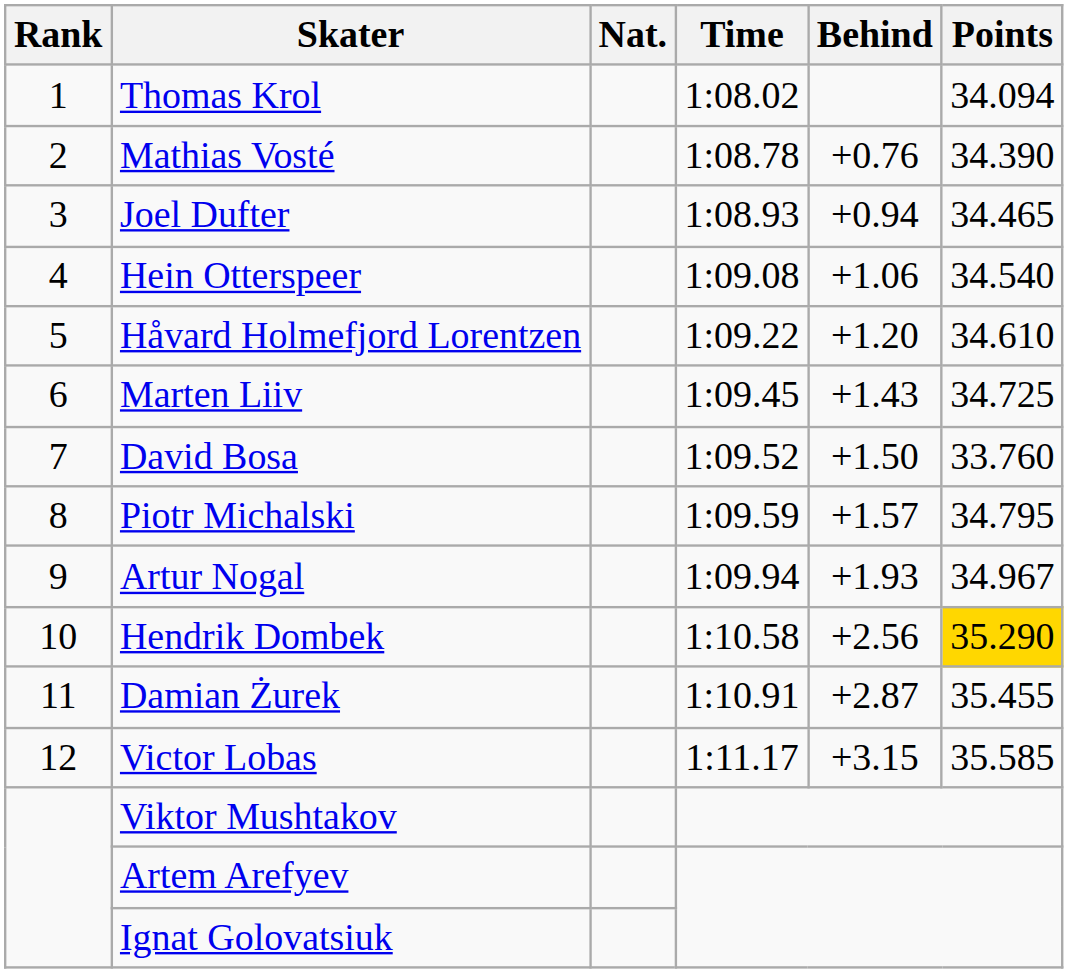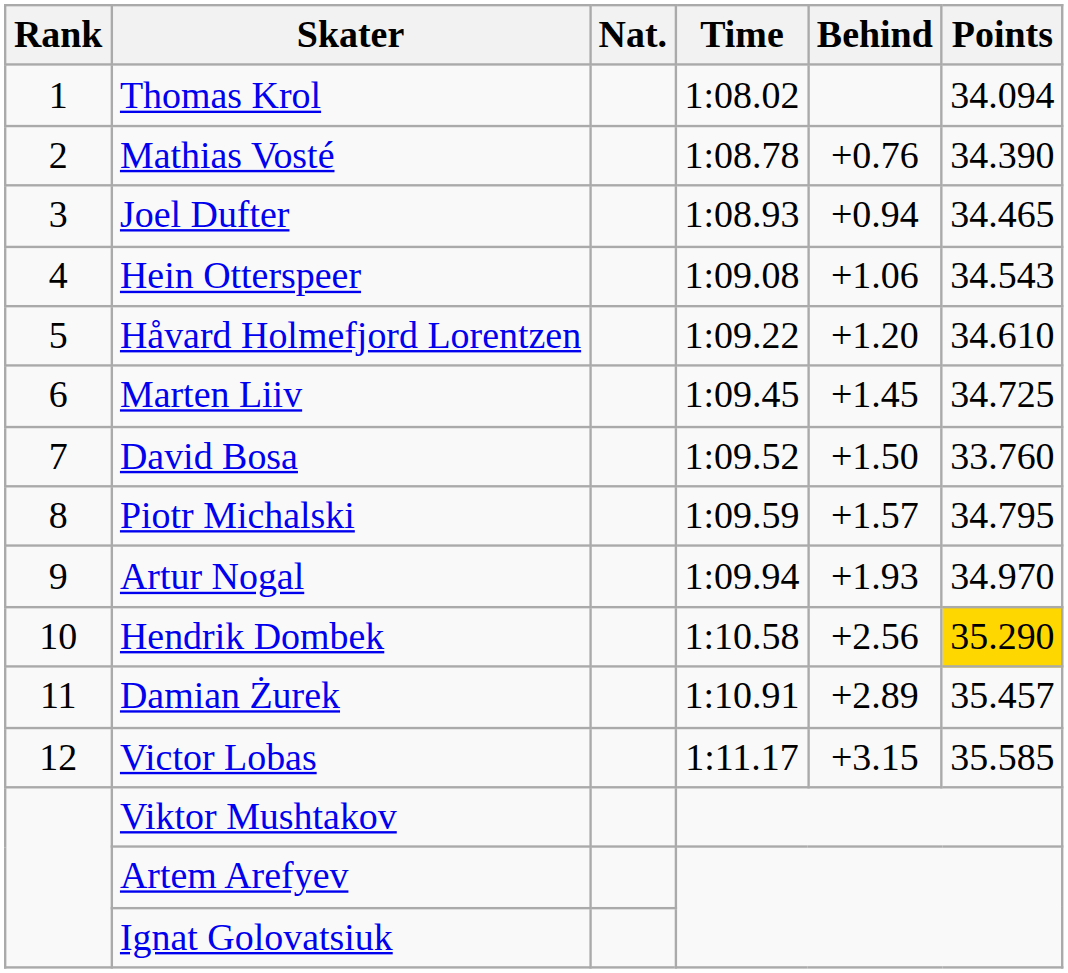 <table class="wikitable sortable" style="text-align:center">
 <tr>
 <th>Rank</th>
 <th>Skater</th>
 <th>Nat.</th>
 <th>Time</th>
 <th>Behind</th>
 <th>Points</th>
 </tr>
 <tr>
 <td>1</td>
 <td align=left><a href='#'>Thomas Krol</a></td>
 <td></td>
 <td>1:08.02</td>
 <td></td>
 <td>34.094</td>
 </tr>
 <tr>
 <td>2</td>
 <td align=left><a href='#'>Mathias Vosté</a></td>
 <td></td>
 <td>1:08.78</td>
 <td>+0.76</td>
 <td>34.390</td>
 </tr>
 <tr>
 <td>3</td>
 <td align=left><a href='#'>Joel Dufter</a></td>
 <td></td>
 <td>1:08.93</td>
 <td>+0.94</td>
 <td>34.465</td>
 </tr>
 <tr>
 <td>4</td>
 <td align=left><a href='#'>Hein Otterspeer</a></td>
 <td></td>
 <td>1:09.08</td>
 <td>+1.06</td>
-<td>34.540</td>
+<td>34.543</td>
 </tr>
 <tr>
 <td>5</td>
 <td align=left><a href='#'>Håvard Holmefjord Lorentzen</a></td>
 <td></td>
 <td>1:09.22</td>
 <td>+1.20</td>
 <td>34.610</td>
 </tr>
 <tr>
 <td>6</td>
 <td align=left><a href='#'>Marten Liiv</a></td>
 <td></td>
 <td>1:09.45</td>
-<td>+1.43</td>
+<td>+1.45</td>
 <td>34.725</td>
 </tr>
 <tr>
 <td>7</td>
 <td align=left><a href='#'>David Bosa</a></td>
 <td></td>
 <td>1:09.52</td>
 <td>+1.50</td>
 <td>33.760</td>
 </tr>
 <tr>
 <td>8</td>
 <td align=left><a href='#'>Piotr Michalski</a></td>
 <td></td>
 <td>1:09.59</td>
 <td>+1.57</td>
 <td>34.795</td>
 </tr>
 <tr>
 <td>9</td>
 <td align=left><a href='#'>Artur Nogal</a></td>
 <td></td>
 <td>1:09.94</td>
 <td>+1.93</td>
-<td>34.967</td>
+<td>34.970</td>
 </tr>
 <tr>
 <td>10</td>
 <td align=left><a href='#'>Hendrik Dombek</a></td>
 <td></td>
 <td>1:10.58</td>
 <td>+2.56</td>
 <td style="background: gold;">35.290</td>
 </tr>
 <tr>
 <td>11</td>
 <td align=left><a href='#'>Damian Żurek</a></td>
 <td></td>
 <td>1:10.91</td>
-<td>+2.87</td>
-<td>35.455</td>
+<td>+2.89</td>
+<td>35.457</td>
 </tr>
 <tr>
 <td>12</td>
 <td align="left"><a href='#'>Victor Lobas</a></td>
 <td></td>
 <td>1:11.17</td>
 <td>+3.15</td>
 <td>35.585</td>
 </tr>
 <tr>
 <td rowspan=3></td>
 <td align=left><a href='#'>Viktor Mushtakov</a></td>
 <td></td>
 <td colspan=3></td>
 </tr>
 <tr>
 <td align=left><a href='#'>Artem Arefyev</a></td>
 <td></td>
 <td colspan=3 rowspan=2></td>
 </tr>
 <tr>
 <td align=left><a href='#'>Ignat Golovatsiuk</a></td>
 <td></td>
 </tr>
 </table>
